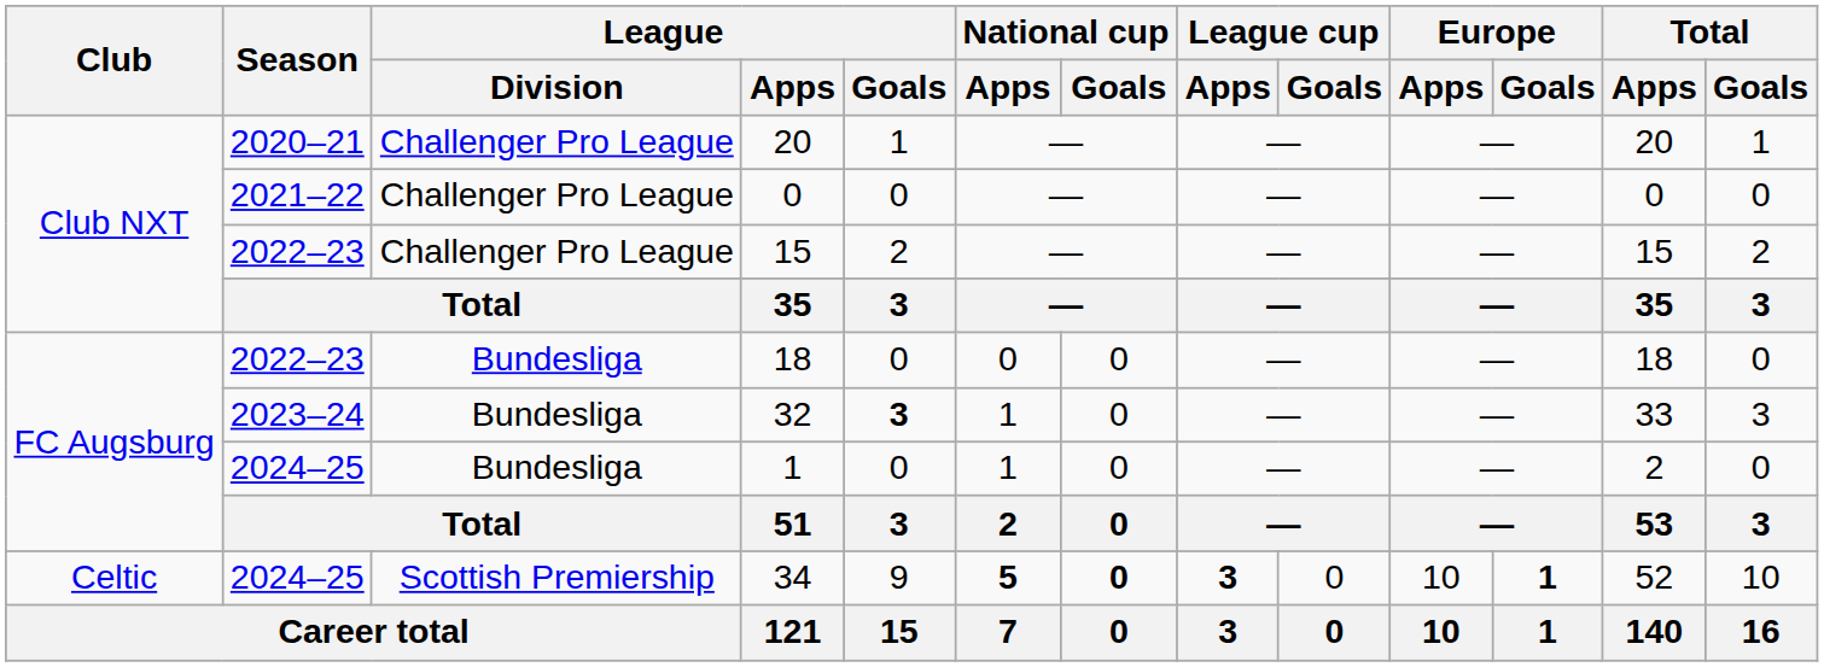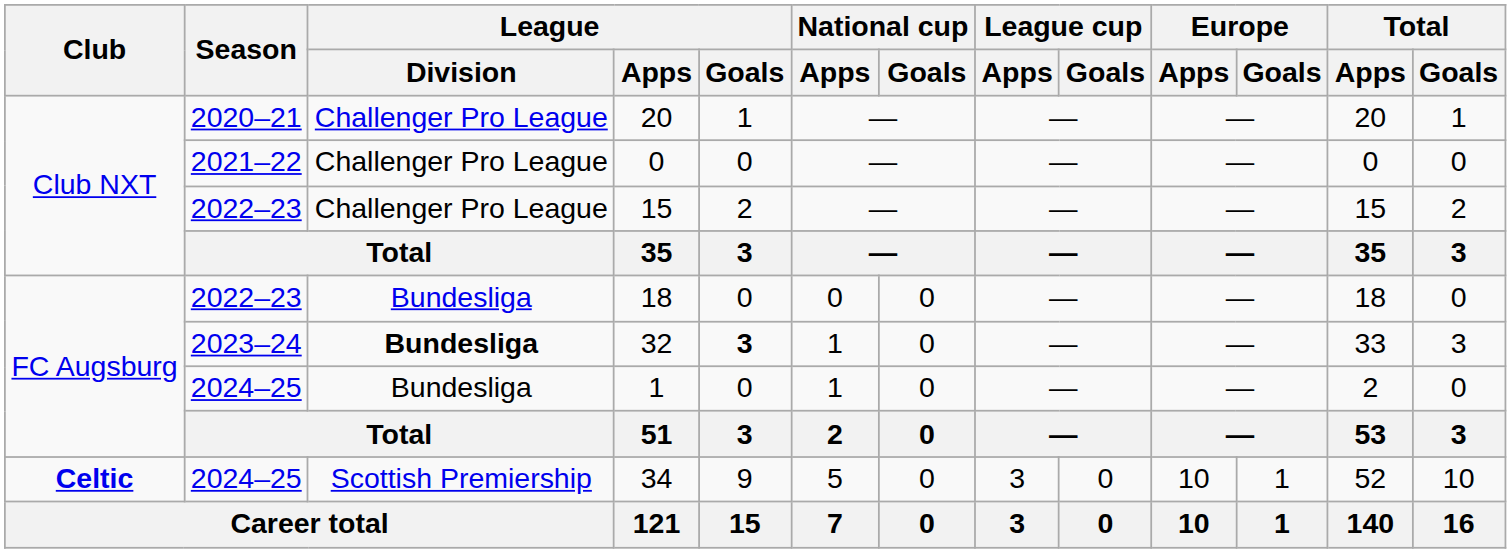 <table class=wikitable style=text-align:center>
 <tr>
 <th rowspan="2">Club</th>
 <th rowspan="2">Season</th>
 <th colspan="3">League</th>
 <th colspan="2">National cup</th>
 <th colspan="2">League cup</th>
 <th colspan="2">Europe</th>
 <th colspan="2">Total</th>
 </tr>
 <tr>
 <th>Division</th>
 <th>Apps</th>
 <th>Goals</th>
 <th>Apps</th>
 <th>Goals</th>
 <th>Apps</th>
 <th>Goals</th>
 <th>Apps</th>
 <th>Goals</th>
 <th>Apps</th>
 <th>Goals</th>
 </tr>
 <tr>
 <td rowspan="4"><a href='#'>Club NXT</a></td>
 <td><a href='#'>2020–21</a></td>
 <td><a href='#'>Challenger Pro League</a></td>
 <td>20</td>
 <td>1</td>
 <td colspan="2">—</td>
 <td colspan="2">—</td>
 <td colspan="2">—</td>
 <td>20</td>
 <td>1</td>
 </tr>
 <tr>
 <td><a href='#'>2021–22</a></td>
 <td>Challenger Pro League</td>
 <td>0</td>
 <td>0</td>
 <td colspan="2">—</td>
 <td colspan="2">—</td>
 <td colspan="2">—</td>
 <td>0</td>
 <td>0</td>
 </tr>
 <tr>
 <td><a href='#'>2022–23</a></td>
 <td>Challenger Pro League</td>
 <td>15</td>
 <td>2</td>
 <td colspan="2">—</td>
 <td colspan="2">—</td>
 <td colspan="2">—</td>
 <td>15</td>
 <td>2</td>
 </tr>
 <tr>
 <th colspan="2">Total</th>
 <th>35</th>
 <th>3</th>
 <th colspan="2">—</th>
 <th colspan="2">—</th>
 <th colspan="2">—</th>
 <th>35</th>
 <th>3</th>
 </tr>
 <tr>
 <td rowspan="4"><a href='#'>FC Augsburg</a></td>
 <td><a href='#'>2022–23</a></td>
 <td><a href='#'>Bundesliga</a></td>
 <td>18</td>
 <td>0</td>
 <td>0</td>
 <td>0</td>
 <td colspan="2">—</td>
 <td colspan="2">—</td>
 <td>18</td>
 <td>0</td>
 </tr>
 <tr>
 <td><a href='#'>2023–24</a></td>
-<td>Bundesliga</td>
+<td><strong>Bundesliga</strong></td>
 <td>32</td>
 <td><strong>3</strong></td>
 <td>1</td>
 <td>0</td>
 <td colspan="2">—</td>
 <td colspan="2">—</td>
 <td>33</td>
 <td>3</td>
 </tr>
 <tr>
 <td><a href='#'>2024–25</a></td>
 <td>Bundesliga</td>
 <td>1</td>
 <td>0</td>
 <td>1</td>
 <td>0</td>
 <td colspan="2">—</td>
 <td colspan="2">—</td>
 <td>2</td>
 <td>0</td>
 </tr>
 <tr>
 <th colspan="2">Total</th>
 <th>51</th>
 <th>3</th>
 <th>2</th>
 <th>0</th>
 <th colspan="2">—</th>
 <th colspan="2">—</th>
 <th>53</th>
 <th>3</th>
 </tr>
 <tr>
-<td><a href='#'>Celtic</a></td>
+<td><strong><a href='#'>Celtic</a></strong></td>
 <td><a href='#'>2024–25</a></td>
 <td><a href='#'>Scottish Premiership</a></td>
 <td>34</td>
 <td>9</td>
-<td><strong>5</strong></td>
-<td><strong>0</strong></td>
-<td><strong>3</strong></td>
+<td>5</td>
+<td>0</td>
+<td>3</td>
 <td>0</td>
 <td>10</td>
-<td><strong>1</strong></td>
+<td>1</td>
 <td>52</td>
 <td>10</td>
 </tr>
 <tr>
 <th colspan="3">Career total</th>
 <th>121</th>
 <th>15</th>
 <th>7</th>
 <th>0</th>
 <th>3</th>
 <th>0</th>
 <th>10</th>
 <th>1</th>
 <th>140</th>
 <th>16</th>
 </tr>
 </table>
